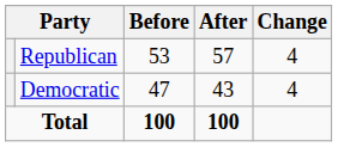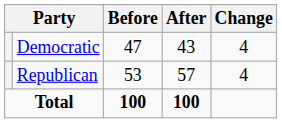 <table class="wikitable" style="text-align:center;">
 <tr>
 </tr>
 <tr>
 <th colspan=2>Party</th>
 <th>Before</th>
 <th>After</th>
 <th>Change</th>
 </tr>
 <tr>
 <th style="background-color:"></th>
-<td style="text-align:left;"><a href='#'>Republican</a></td>
-<td>53</td>
-<td>57</td>
+<td style="text-align:left;"><a href='#'>Democratic</a></td>
+<td>47</td>
+<td>43</td>
 <td> 4</td>
 </tr>
 <tr>
 <th style="background-color:"></th>
-<td style="text-align:left;"><a href='#'>Democratic</a></td>
-<td>47</td>
-<td>43</td>
+<td style="text-align:left;"><a href='#'>Republican</a></td>
+<td>53</td>
+<td>57</td>
 <td> 4</td>
 </tr>
 <tr>
 <td colspan=2><strong>Total</strong></td>
 <td><strong>100</strong></td>
 <td><strong>100</strong></td>
 <td></td>
 </tr>
 </table>
